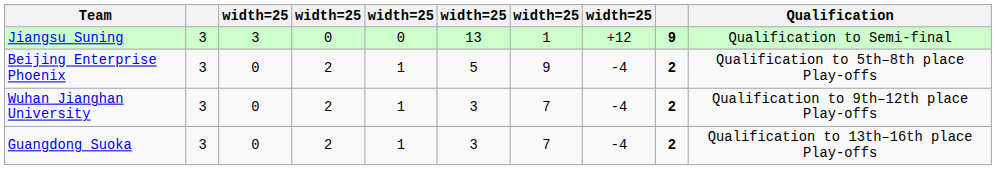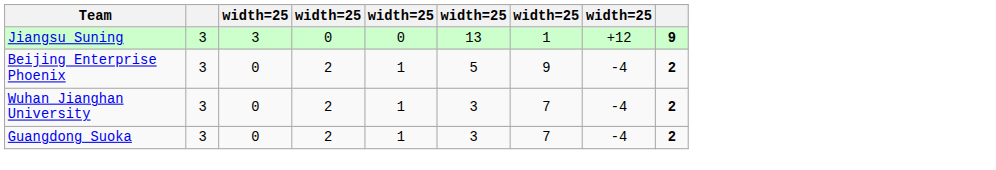 <table class="wikitable" style="text-align: center;">
 <tr>
 <th style="width:165px;">Team</th>
 <th width=25></th>
 <th>width=25</th>
 <th>width=25</th>
 <th>width=25</th>
 <th>width=25</th>
 <th>width=25</th>
 <th>width=25</th>
 <th width=25></th>
-<th width=280>Qualification</th>
 </tr>
 <tr style="background:#cfc;">
 <td align="left"><a href='#'>Jiangsu Suning</a></td>
 <td>3</td>
 <td>3</td>
 <td>0</td>
 <td>0</td>
 <td>13</td>
 <td>1</td>
 <td>+12</td>
 <td><strong>9</strong></td>
-<td>Qualification to Semi-final</td>
 </tr>
 <tr style=>
 <td align="left"><a href='#'>Beijing Enterprise Phoenix</a></td>
 <td>3</td>
 <td>0</td>
 <td>2</td>
 <td>1</td>
 <td>5</td>
 <td>9</td>
 <td>-4</td>
 <td><strong>2</strong></td>
-<td>Qualification to 5th–8th place Play-offs</td>
 </tr>
 <tr>
 <td align="left"><a href='#'>Wuhan Jianghan University</a></td>
 <td>3</td>
 <td>0</td>
 <td>2</td>
 <td>1</td>
 <td>3</td>
 <td>7</td>
 <td>-4</td>
 <td><strong>2</strong></td>
-<td>Qualification to 9th–12th place Play-offs</td>
 </tr>
 <tr>
 <td align="left"><a href='#'>Guangdong Suoka</a></td>
 <td>3</td>
 <td>0</td>
 <td>2</td>
 <td>1</td>
 <td>3</td>
 <td>7</td>
 <td>-4</td>
 <td><strong>2</strong></td>
-<td>Qualification to 13th–16th place Play-offs</td>
 </tr>
 </table>
